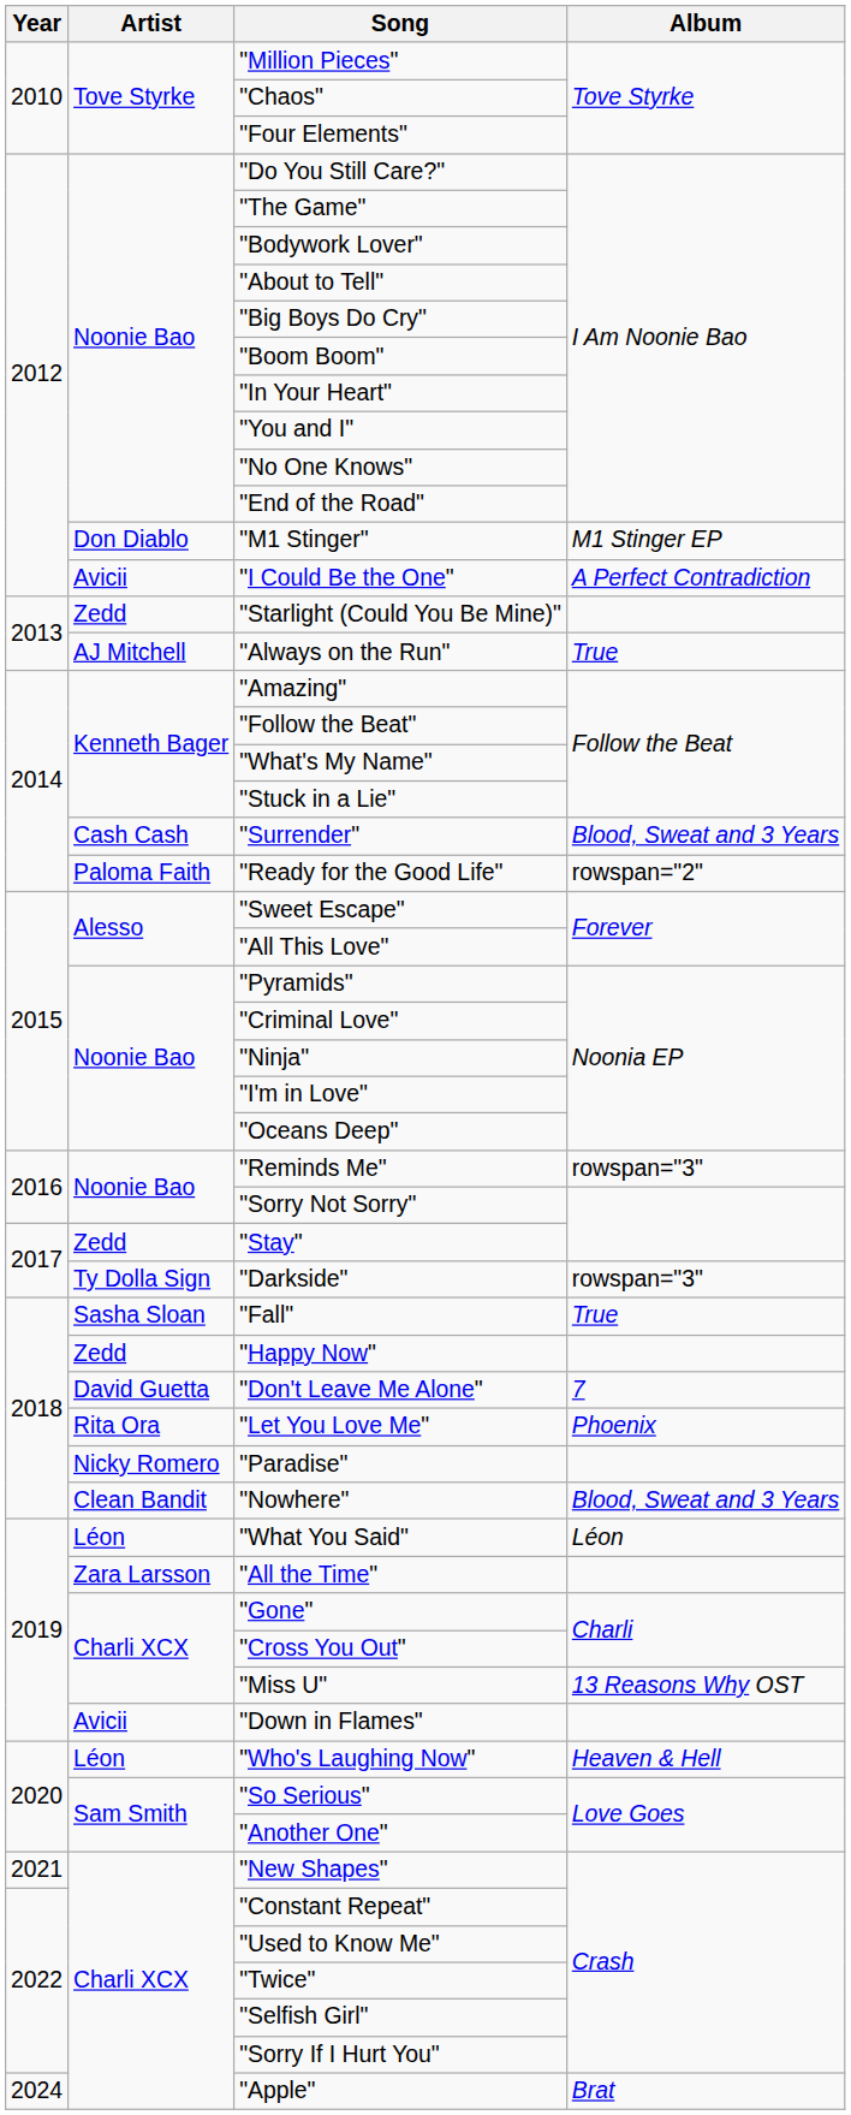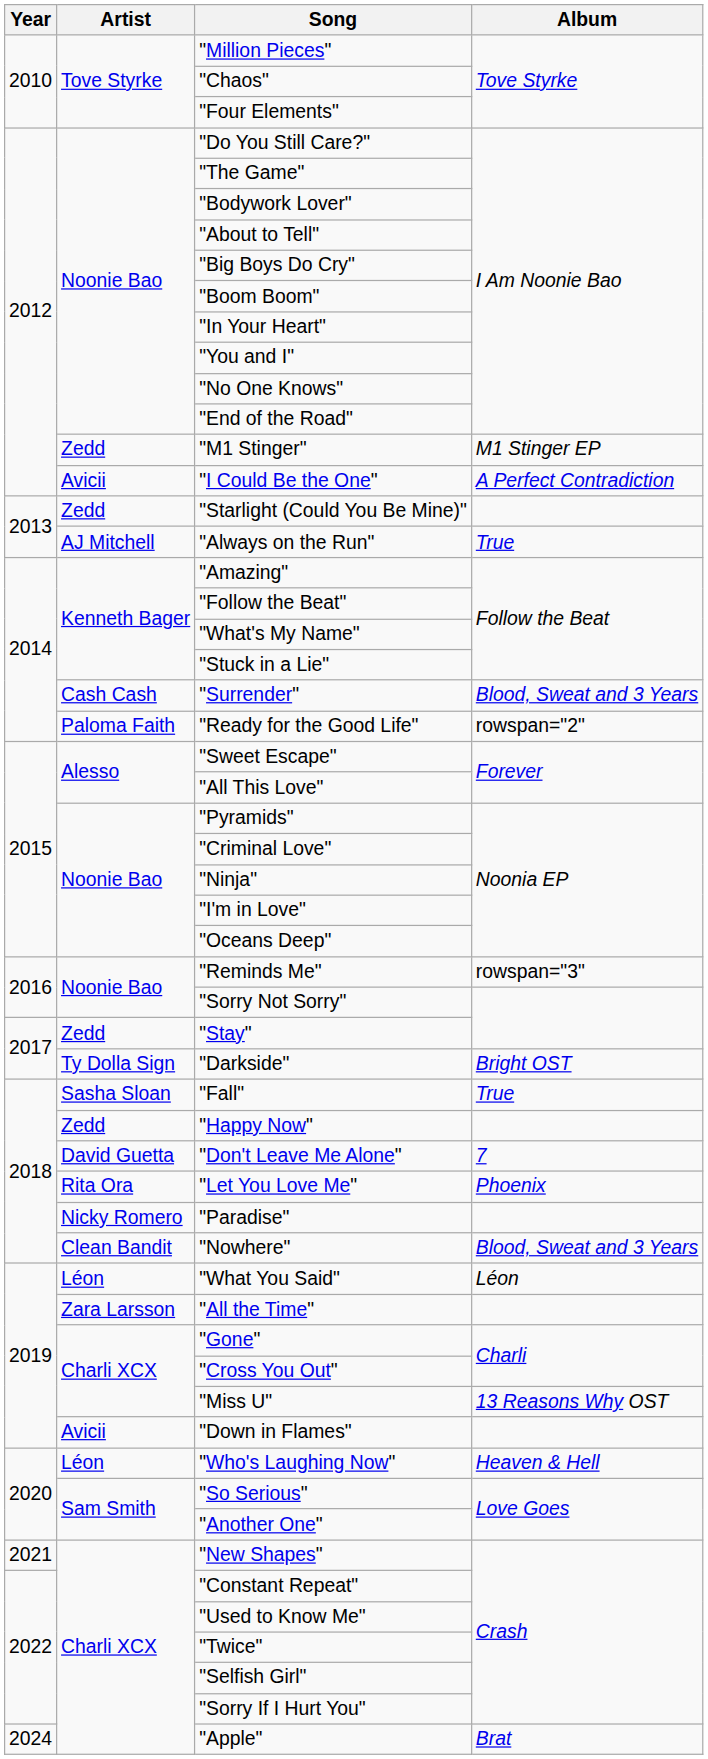 <table class="wikitable">
 <tr>
 <th>Year</th>
 <th>Artist</th>
 <th>Song</th>
 <th>Album</th>
 </tr>
 <tr>
 <td rowspan="3">2010</td>
 <td rowspan="3"><a href='#'>Tove Styrke</a></td>
 <td>"<a href='#'>Million Pieces</a>"</td>
 <td rowspan="3"><em><a href='#'>Tove Styrke</a></em></td>
 </tr>
 <tr>
 <td>"Chaos"</td>
 </tr>
 <tr>
 <td>"Four Elements"</td>
 </tr>
 <tr>
 <td rowspan="12">2012</td>
 <td rowspan="10"><a href='#'>Noonie Bao</a></td>
 <td>"Do You Still Care?"</td>
 <td rowspan="10"><em>I Am Noonie Bao</em></td>
 </tr>
 <tr>
 <td>"The Game"</td>
 </tr>
 <tr>
 <td>"Bodywork Lover"</td>
 </tr>
 <tr>
 <td>"About to Tell"</td>
 </tr>
 <tr>
 <td>"Big Boys Do Cry"</td>
 </tr>
 <tr>
 <td>"Boom Boom"</td>
 </tr>
 <tr>
 <td>"In Your Heart"</td>
 </tr>
 <tr>
 <td>"You and I"</td>
 </tr>
 <tr>
 <td>"No One Knows"</td>
 </tr>
 <tr>
 <td>"End of the Road"</td>
 </tr>
 <tr>
-<td><a href='#'>Don Diablo</a></td>
+<td><a href='#'>Zedd</a></td>
 <td>"M1 Stinger" </td>
 <td><em>M1 Stinger EP</em></td>
 </tr>
 <tr>
 <td><a href='#'>Avicii</a></td>
 <td>"<a href='#'>I Could Be the One</a>" </td>
 <td><em><a href='#'>A Perfect Contradiction</a></em></td>
 </tr>
 <tr>
 <td rowspan="2">2013</td>
 <td><a href='#'>Zedd</a></td>
 <td>"Starlight (Could You Be Mine)" </td>
 </tr>
 <tr>
 <td><a href='#'>AJ Mitchell</a></td>
 <td>"Always on the Run"</td>
 <td><em><a href='#'>True</a></em></td>
 </tr>
 <tr>
 <td rowspan="6">2014</td>
 <td rowspan="4"><a href='#'>Kenneth Bager</a></td>
 <td>"Amazing" </td>
 <td rowspan="4"><em>Follow the Beat</em></td>
 </tr>
 <tr>
 <td>"Follow the Beat" </td>
 </tr>
 <tr>
 <td>"What's My Name" </td>
 </tr>
 <tr>
 <td>"Stuck in a Lie" </td>
 </tr>
 <tr>
 <td><a href='#'>Cash Cash</a></td>
 <td>"<a href='#'>Surrender</a>"</td>
 <td><em><a href='#'>Blood, Sweat and 3 Years</a></em></td>
 </tr>
 <tr>
 <td><a href='#'>Paloma Faith</a></td>
 <td>"Ready for the Good Life"</td>
 <td>rowspan="2" </td>
 </tr>
 <tr>
 <td rowspan="7">2015</td>
 <td rowspan="2"><a href='#'>Alesso</a></td>
 <td>"Sweet Escape" </td>
 <td rowspan="2"><em><a href='#'>Forever</a></em></td>
 </tr>
 <tr>
 <td>"All This Love" </td>
 </tr>
 <tr>
 <td rowspan="5"><a href='#'>Noonie Bao</a></td>
 <td>"Pyramids"</td>
 <td rowspan="5"><em>Noonia EP</em></td>
 </tr>
 <tr>
 <td>"Criminal Love"</td>
 </tr>
 <tr>
 <td>"Ninja"</td>
 </tr>
 <tr>
 <td>"I'm in Love"</td>
 </tr>
 <tr>
 <td>"Oceans Deep"</td>
 </tr>
 <tr>
 <td rowspan="2">2016</td>
 <td rowspan="2"><a href='#'>Noonie Bao</a></td>
 <td>"Reminds Me"</td>
 <td>rowspan="3" </td>
 </tr>
 <tr>
 <td>"Sorry Not Sorry"</td>
 </tr>
 <tr>
 <td rowspan="2">2017</td>
 <td><a href='#'>Zedd</a></td>
 <td>"<a href='#'>Stay</a>" </td>
 </tr>
 <tr>
 <td><a href='#'>Ty Dolla Sign</a></td>
 <td>"Darkside" </td>
-<td>rowspan="3" </td>
+<td><em><a href='#'>Bright OST</a></em></td>
 </tr>
 <tr>
 <td rowspan="6">2018</td>
 <td><a href='#'>Sasha Sloan</a></td>
 <td>"Fall"</td>
 <td><em><a href='#'>True</a></em></td>
 </tr>
 <tr>
 <td><a href='#'>Zedd</a></td>
 <td>"<a href='#'>Happy Now</a>" </td>
 <td></td>
 </tr>
 <tr>
 <td><a href='#'>David Guetta</a></td>
 <td>"<a href='#'>Don't Leave Me Alone</a>" </td>
 <td><em><a href='#'>7</a></em></td>
 </tr>
 <tr>
 <td><a href='#'>Rita Ora</a></td>
 <td>"<a href='#'>Let You Love Me</a>"</td>
 <td><em><a href='#'>Phoenix</a></em></td>
 </tr>
 <tr>
 <td><a href='#'>Nicky Romero</a></td>
 <td>"Paradise" </td>
 <td></td>
 </tr>
 <tr>
 <td><a href='#'>Clean Bandit</a></td>
 <td>"Nowhere" </td>
 <td><em><a href='#'>Blood, Sweat and 3 Years</a></em></td>
 </tr>
 <tr>
 <td rowspan="6">2019</td>
 <td><a href='#'>Léon</a></td>
 <td>"What You Said"</td>
 <td><em>Léon</em></td>
 </tr>
 <tr>
 <td><a href='#'>Zara Larsson</a></td>
 <td>"<a href='#'>All the Time</a>"</td>
 <td></td>
 </tr>
 <tr>
 <td rowspan="3"><a href='#'>Charli XCX</a></td>
 <td>"<a href='#'>Gone</a>" </td>
 <td rowspan="2"><em><a href='#'>Charli</a></em></td>
 </tr>
 <tr>
 <td>"<a href='#'>Cross You Out</a>" </td>
 </tr>
 <tr>
 <td>"Miss U"</td>
 <td><em><a href='#'>13 Reasons Why</a> OST</em></td>
 </tr>
 <tr>
 <td><a href='#'>Avicii</a></td>
 <td>"Down in Flames"</td>
 <td></td>
 </tr>
 <tr>
 <td rowspan="3">2020</td>
 <td><a href='#'>Léon</a></td>
 <td>"<a href='#'>Who's Laughing Now</a>"</td>
 <td><em><a href='#'>Heaven & Hell</a></em></td>
 </tr>
 <tr>
 <td rowspan="2"><a href='#'>Sam Smith</a></td>
 <td>"<a href='#'>So Serious</a>"</td>
 <td rowspan="2"><em><a href='#'>Love Goes</a></em></td>
 </tr>
 <tr>
 <td>"<a href='#'>Another One</a>"</td>
 </tr>
 <tr>
 <td>2021</td>
 <td rowspan="7"><a href='#'>Charli XCX</a></td>
 <td>"<a href='#'>New Shapes</a>" </td>
 <td rowspan="6"><a href='#'><em>Crash</em></a></td>
 </tr>
 <tr>
 <td rowspan="5">2022</td>
 <td>"Constant Repeat"</td>
 </tr>
 <tr>
 <td>"Used to Know Me"</td>
 </tr>
 <tr>
 <td>"Twice"</td>
 </tr>
 <tr>
 <td>"Selfish Girl"</td>
 </tr>
 <tr>
 <td>"Sorry If I Hurt You"</td>
 </tr>
 <tr>
 <td>2024</td>
 <td>"Apple"</td>
 <td><em><a href='#'>Brat</a></em></td>
 </tr>
 </table>
